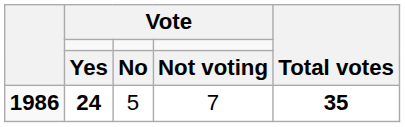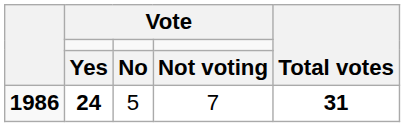 <table class=wikitable style="text-align:center">
 <tr style="vertical-align:bottom;">
 <th rowspan=3></th>
 <th colspan=3>Vote</th>
 <th rowspan=3>Total votes</th>
 </tr>
 <tr style="height:5px">
 <td style="background-color:"></td>
 <td style="background-color:"></td>
 <td style="background-color:"></td>
 </tr>
 <tr style="vertical-align:bottom;">
 <th>Yes</th>
 <th>No</th>
 <th>Not voting</th>
 </tr>
 <tr>
 <td><strong>1986</strong></td>
 <td style="background:#fff;"><strong>24</strong></td>
 <td style="background:#fff;">5</td>
 <td style="background:#fff;">7</td>
-<td style="background:#fff;"><strong>35</strong></td>
+<td style="background:#fff;"><strong>31</strong></td>
 </tr>
 </table>
